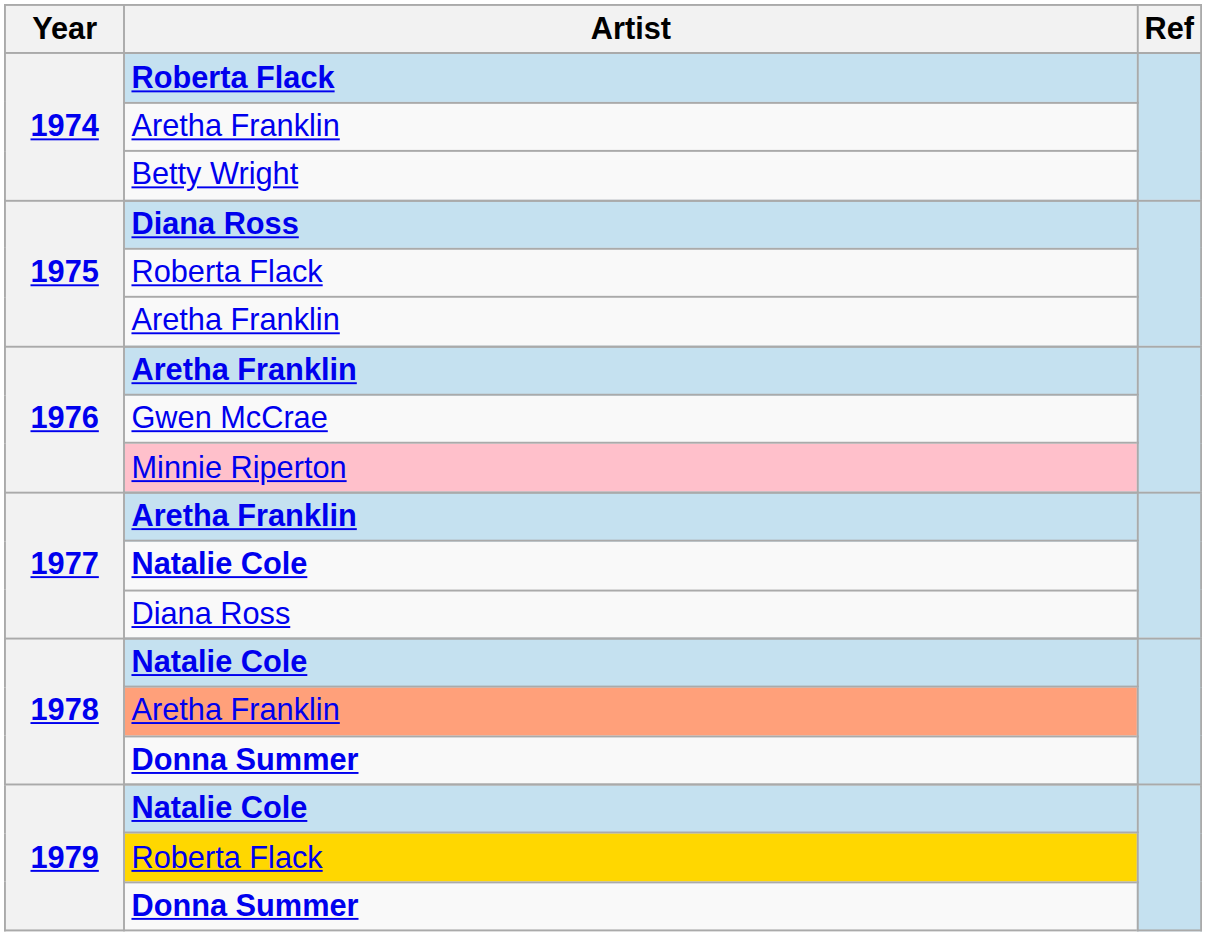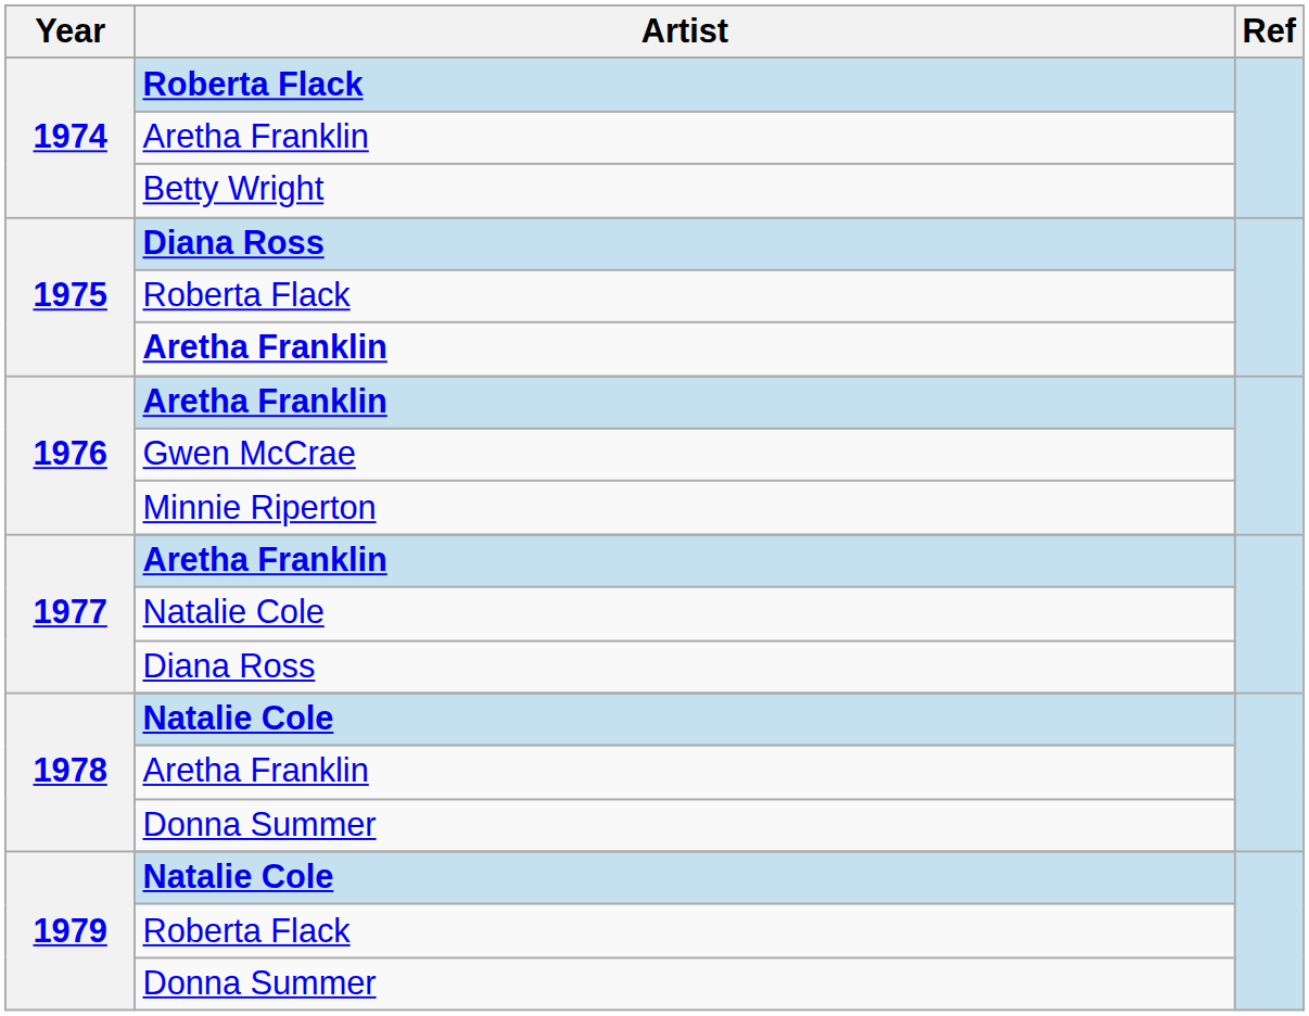 <table class="wikitable" width="100%">
 <tr>
 <th width="10%">Year</th>
 <th width="85%">Artist</th>
 <th width="5%">Ref</th>
 </tr>
 <tr>
 <th rowspan="4" align="center"><a href='#'>1974<br></a></th>
 </tr>
 <tr style="background:#c5e1f0">
 <td><strong><a href='#'>Roberta Flack</a></strong></td>
 <td rowspan="4" align="center"></td>
 </tr>
 <tr>
 <td><a href='#'>Aretha Franklin</a></td>
 </tr>
 <tr>
 <td><a href='#'>Betty Wright</a></td>
 </tr>
 <tr>
 <th rowspan="4" align="center"><a href='#'>1975<br></a></th>
 </tr>
 <tr style="background:#c5e1f0">
 <td><strong><a href='#'>Diana Ross</a></strong></td>
 <td rowspan="4" align="center"></td>
 </tr>
 <tr>
 <td><a href='#'>Roberta Flack</a></td>
 </tr>
 <tr>
-<td><a href='#'>Aretha Franklin</a></td>
+<td><strong><a href='#'>Aretha Franklin</a></strong></td>
 </tr>
 <tr>
 <th rowspan="4" align="center"><a href='#'>1976<br></a></th>
 </tr>
 <tr style="background:#c5e1f0">
 <td><strong><a href='#'>Aretha Franklin</a></strong></td>
 <td rowspan="4" align="center"></td>
 </tr>
 <tr>
 <td><a href='#'>Gwen McCrae</a></td>
 </tr>
 <tr>
-<td style="background: pink;"><a href='#'>Minnie Riperton</a></td>
+<td><a href='#'>Minnie Riperton</a></td>
 </tr>
 <tr>
 <th rowspan="4" align="center"><a href='#'>1977<br></a></th>
 </tr>
 <tr style="background:#c5e1f0">
 <td><strong><a href='#'>Aretha Franklin</a></strong></td>
 <td rowspan="4" align="center"></td>
 </tr>
 <tr>
-<td><strong><a href='#'>Natalie Cole</a></strong></td>
+<td><a href='#'>Natalie Cole</a></td>
 </tr>
 <tr>
 <td><a href='#'>Diana Ross</a></td>
 </tr>
 <tr>
 <th rowspan="4" align="center"><a href='#'>1978<br></a></th>
 </tr>
 <tr style="background:#c5e1f0">
 <td><strong><a href='#'>Natalie Cole</a></strong></td>
 <td rowspan="4" align="center"></td>
 </tr>
 <tr>
-<td style="background: lightsalmon;"><a href='#'>Aretha Franklin</a></td>
+<td><a href='#'>Aretha Franklin</a></td>
 </tr>
 <tr>
-<td><strong><a href='#'>Donna Summer</a></strong></td>
+<td><a href='#'>Donna Summer</a></td>
 </tr>
 <tr>
 <th rowspan="4" align="center"><a href='#'>1979<br></a></th>
 </tr>
 <tr style="background:#c5e1f0">
 <td><strong><a href='#'>Natalie Cole</a></strong></td>
 <td rowspan="4" align="center"></td>
 </tr>
 <tr>
-<td style="background: gold;"><a href='#'>Roberta Flack</a></td>
+<td><a href='#'>Roberta Flack</a></td>
 </tr>
 <tr>
-<td><strong><a href='#'>Donna Summer</a></strong></td>
+<td><a href='#'>Donna Summer</a></td>
 </tr>
 </table>
